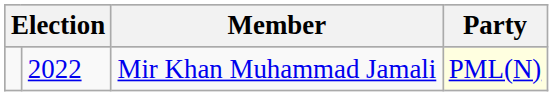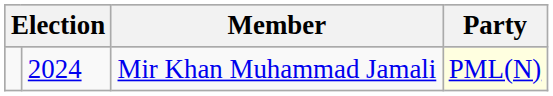 <table class="wikitable">
 <tr>
 <th colspan="2">Election</th>
 <th>Member</th>
 <th>Party</th>
 </tr>
 <tr>
 <td style="background-color: "></td>
-<td><a href='#'>2022</a></td>
+<td><a href='#'>2024</a></td>
 <td><a href='#'>Mir Khan Muhammad Jamali</a></td>
 <td style="background: lightyellow;"><a href='#'>PML(N)</a></td>
 </tr>
 </table>
